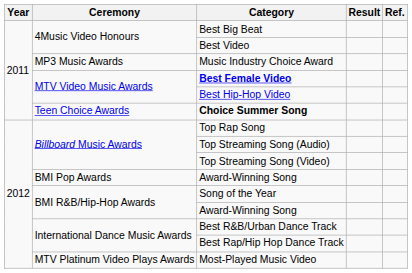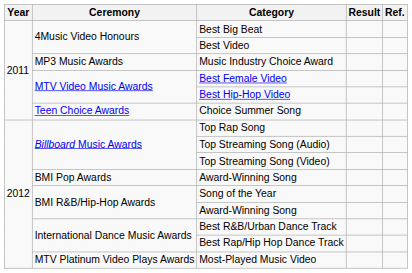 <table class="sortable wikitable">
 <tr>
 <th>Year</th>
 <th>Ceremony</th>
 <th>Category</th>
 <th>Result</th>
 <th>Ref.</th>
 </tr>
 <tr>
 <td rowspan="6">2011</td>
 <td rowspan="2">4Music Video Honours</td>
 <td>Best Big Beat</td>
 <td></td>
 <td style="text-align:center;"></td>
 </tr>
 <tr>
 <td>Best Video</td>
 <td></td>
 <td style="text-align:center;"></td>
 </tr>
 <tr>
 <td>MP3 Music Awards</td>
 <td>Music Industry Choice Award</td>
 <td></td>
 <td style="text-align:center;"></td>
 </tr>
 <tr>
 <td rowspan="2"><a href='#'>MTV Video Music Awards</a></td>
-<td><strong><a href='#'>Best Female Video</a></strong></td>
+<td><a href='#'>Best Female Video</a></td>
 <td></td>
 <td style="text-align:center;"></td>
 </tr>
 <tr>
 <td><a href='#'>Best Hip-Hop Video</a></td>
 <td></td>
 <td style="text-align:center;"></td>
 </tr>
 <tr>
 <td><a href='#'>Teen Choice Awards</a></td>
-<td><strong>Choice Summer Song</strong></td>
+<td>Choice Summer Song</td>
 <td></td>
 <td style="text-align:center;"></td>
 </tr>
 <tr>
 <td rowspan="9">2012</td>
 <td rowspan="3"><a href='#'><em>Billboard</em> Music Awards</a></td>
 <td>Top Rap Song</td>
 <td></td>
 <td style="text-align:center;"></td>
 </tr>
 <tr>
 <td>Top Streaming Song (Audio)</td>
 <td></td>
 <td style="text-align:center;"></td>
 </tr>
 <tr>
 <td>Top Streaming Song (Video)</td>
 <td></td>
 <td style="text-align:center;"></td>
 </tr>
 <tr>
 <td>BMI Pop Awards</td>
 <td>Award-Winning Song</td>
 <td></td>
 <td style="text-align:center;"></td>
 </tr>
 <tr>
 <td rowspan="2">BMI R&B/Hip-Hop Awards</td>
 <td>Song of the Year</td>
 <td></td>
 <td style="text-align:center;"></td>
 </tr>
 <tr>
 <td>Award-Winning Song</td>
 <td></td>
 <td style="text-align:center;"></td>
 </tr>
 <tr>
 <td rowspan="2">International Dance Music Awards</td>
 <td>Best R&B/Urban Dance Track</td>
 <td></td>
 <td style="text-align:center;"></td>
 </tr>
 <tr>
 <td>Best Rap/Hip Hop Dance Track</td>
 <td></td>
 <td style="text-align:center;"></td>
 </tr>
 <tr>
 <td>MTV Platinum Video Plays Awards</td>
 <td>Most-Played Music Video</td>
 <td></td>
 <td style="text-align:center;"></td>
 </tr>
 </table>
